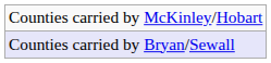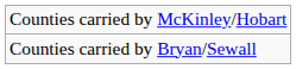 <table class="wikitable">
 <tr>
 <td>Counties carried by <a href='#'>McKinley</a>/<a href='#'>Hobart</a></td>
 </tr>
 <tr>
-<td style="background: lavender;">Counties carried by <a href='#'>Bryan</a>/<a href='#'>Sewall</a></td>
+<td>Counties carried by <a href='#'>Bryan</a>/<a href='#'>Sewall</a></td>
 </tr>
 </table>
